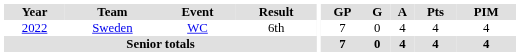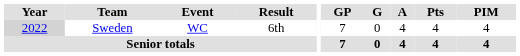 <table border="0" cellpadding="1" cellspacing="0" ID="Table3" style="text-align:center; width:40em">
 <tr ALIGN="center" bgcolor="#e0e0e0">
 <th>Year</th>
 <th>Team</th>
 <th>Event</th>
 <th>Result</th>
 <th rowspan="99" bgcolor="#ffffff"></th>
 <th>GP</th>
 <th>G</th>
 <th>A</th>
 <th>Pts</th>
 <th>PIM</th>
 </tr>
 <tr ALIGN="center">
-<td><a href='#'>2022</a></td>
+<td style="background: lightgrey;"><a href='#'>2022</a></td>
 <td><a href='#'>Sweden</a></td>
 <td><a href='#'>WC</a></td>
 <td>6th</td>
 <td>7</td>
 <td>0</td>
 <td>4</td>
 <td>4</td>
 <td>4</td>
 </tr>
 <tr bgcolor="#e0e0e0">
 <th colspan="4">Senior totals</th>
 <th>7</th>
 <th>0</th>
 <th>4</th>
 <th>4</th>
 <th>4</th>
 </tr>
 </table>
